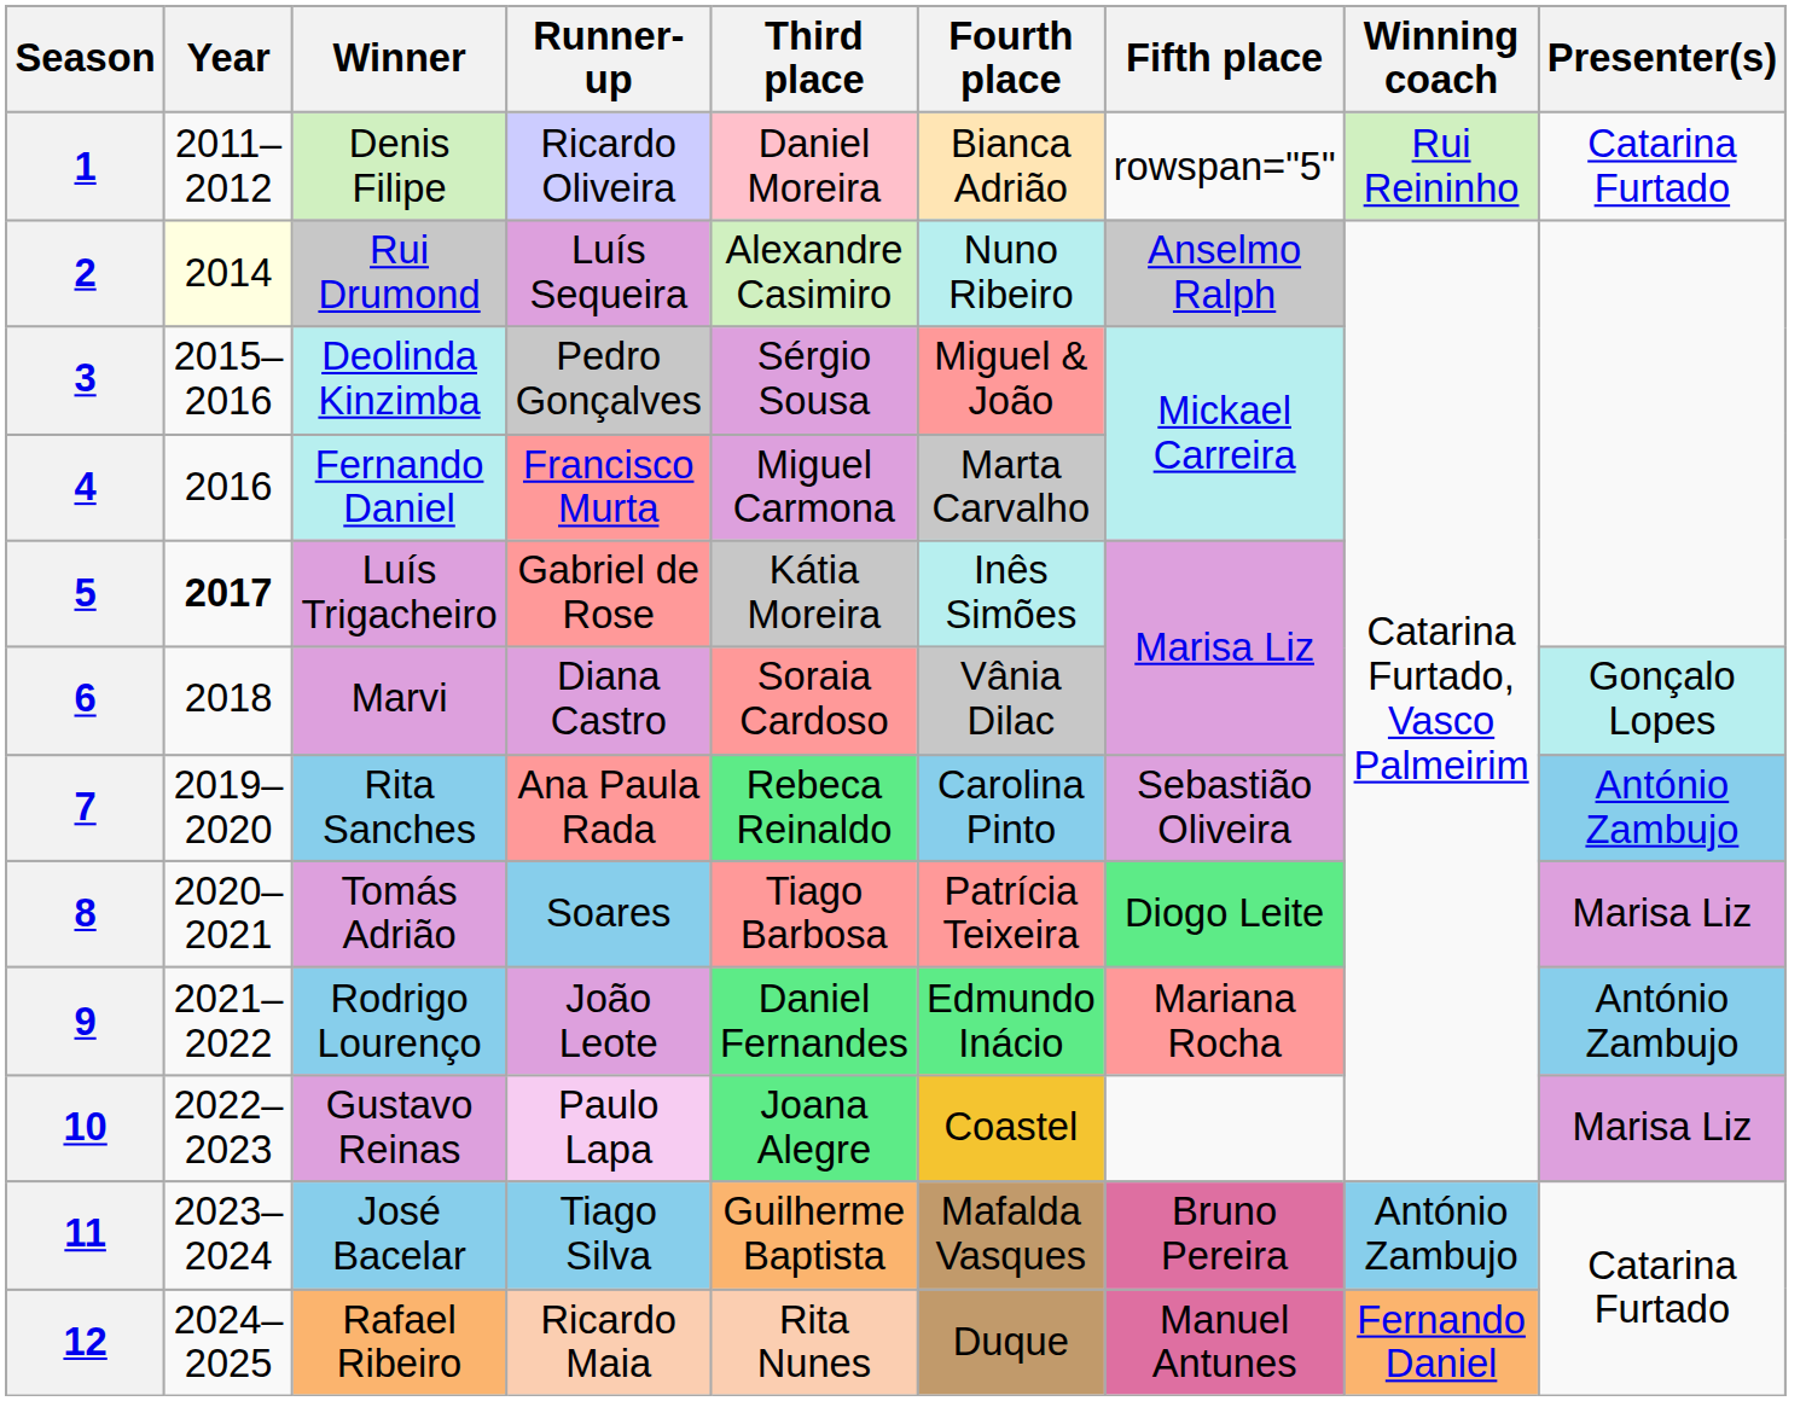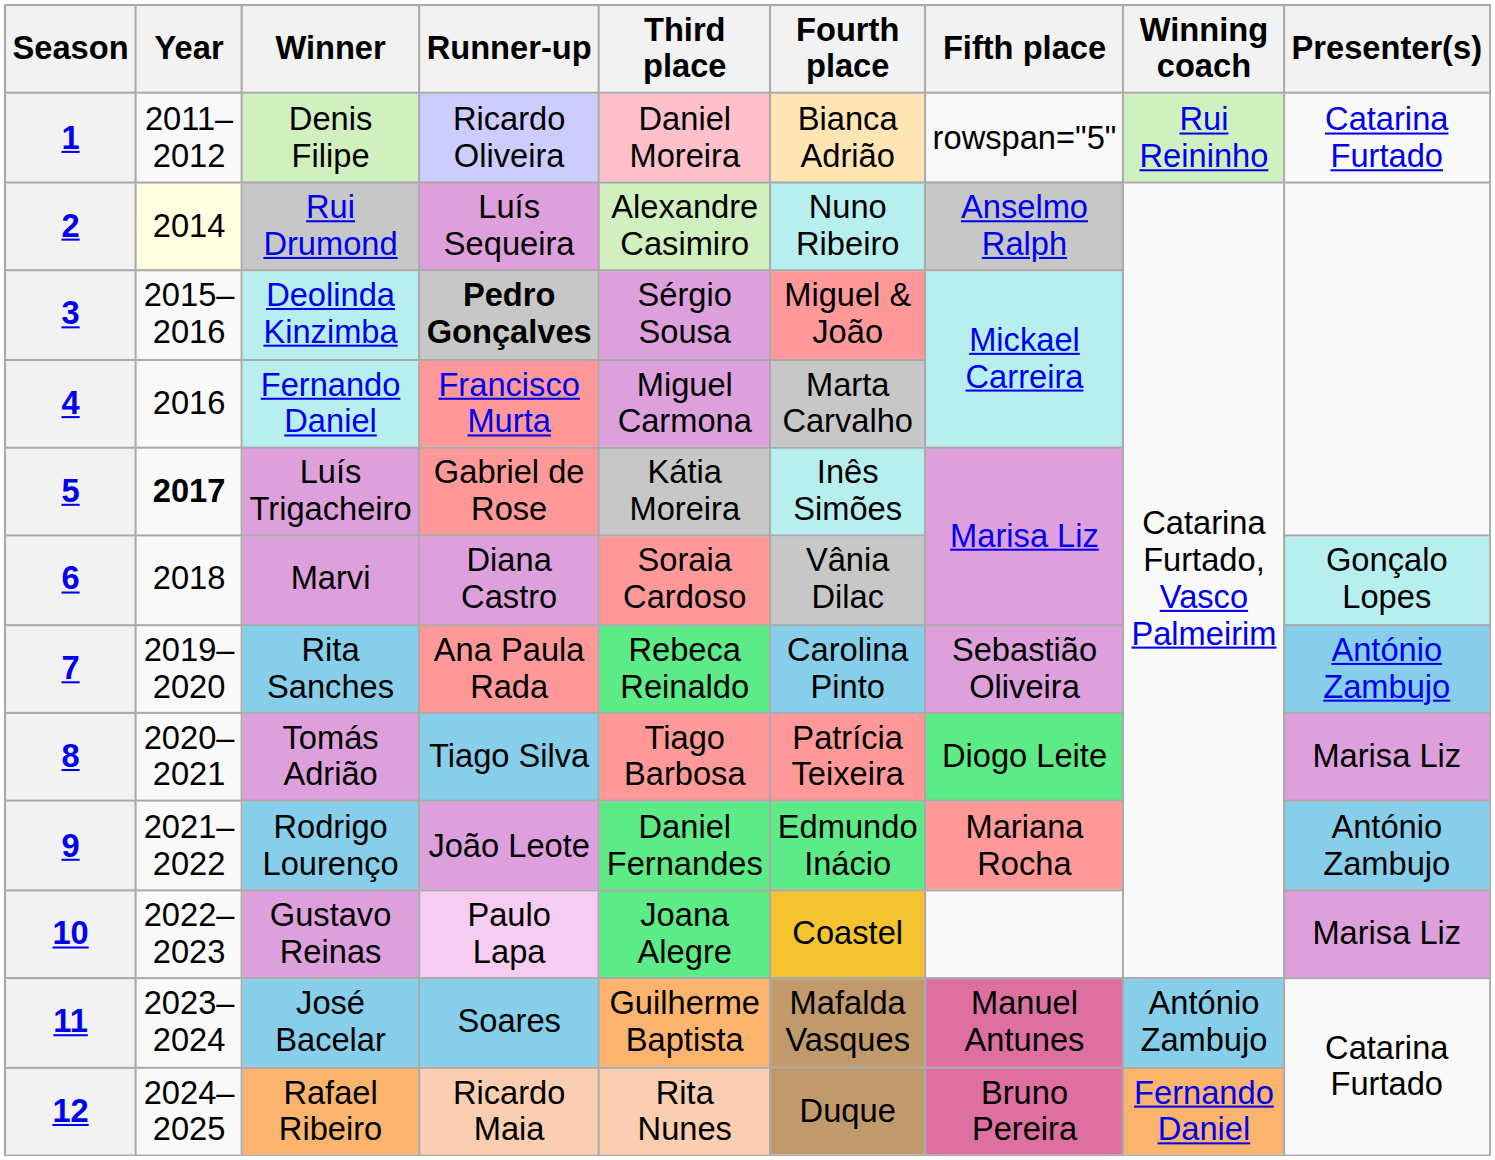 <table class="wikitable" style="text-align:center; font-size:100%; line-height:18px; width:100%">
 <tr>
 <th scope="col" width="01%">Season</th>
 <th scope="col" width="01%">Year</th>
 <th scope="col" width="10%">Winner</th>
 <th scope="col" width="10%">Runner-up</th>
 <th scope="col" width="10%">Third place</th>
 <th scope="col" width="10%">Fourth place</th>
 <th scope="col" width="10%">Fifth place</th>
 <th scope="col" width="10%">Winning coach</th>
 <th scope="col" width="10%">Presenter(s)</th>
 </tr>
 <tr>
 <th><a href='#'>1</a></th>
 <td>2011–2012</td>
 <td style="background:#d0f0c0">Denis Filipe</td>
 <td style="background:#ccccff">Ricardo Oliveira</td>
 <td style="background: Pink">Daniel Moreira</td>
 <td style="background:#ffe5b4">Bianca Adrião</td>
 <td>rowspan="5" </td>
 <td style="background:#d0f0c0"><a href='#'>Rui Reininho</a></td>
 <td><a href='#'>Catarina Furtado</a></td>
 </tr>
 <tr>
 <th><a href='#'>2</a></th>
 <td style="background: lightyellow;">2014</td>
 <td style="background:#c7c7c7"><a href='#'>Rui Drumond</a></td>
 <td style="background:#dda0dd">Luís Sequeira</td>
 <td style="background:#d0f0c0">Alexandre Casimiro</td>
 <td style="background:#b7efef">Nuno Ribeiro</td>
 <td style="background:#c7c7c7"><a href='#'>Anselmo Ralph</a></td>
 <td rowspan="9">Catarina Furtado,<br><a href='#'>Vasco Palmeirim</a></td>
 </tr>
 <tr>
 <th><a href='#'>3</a></th>
 <td>2015–2016</td>
 <td style="background:#b7efef"><a href='#'>Deolinda Kinzimba</a></td>
-<td style="background:#c7c7c7">Pedro Gonçalves</td>
+<td style="background:#c7c7c7"><strong>Pedro Gonçalves</strong></td>
 <td style="background:#dda0dd">Sérgio Sousa</td>
 <td style="background:#ff9999">Miguel & João</td>
 <td rowspan="2" style="background:#b7efef"><a href='#'>Mickael Carreira</a></td>
 </tr>
 <tr>
 <th><a href='#'>4</a></th>
 <td>2016</td>
 <td style="background:#b7efef"><a href='#'>Fernando Daniel</a></td>
 <td style="background:#ff9999"><a href='#'>Francisco Murta</a></td>
 <td style="background:#dda0dd">Miguel Carmona</td>
 <td style="background:#c7c7c7">Marta Carvalho</td>
 </tr>
 <tr>
 <th><a href='#'>5</a></th>
 <td><strong>2017</strong></td>
 <td style="background:#dda0dd">Luís Trigacheiro</td>
 <td style="background:#ff9999">Gabriel de Rose</td>
 <td style="background:#c7c7c7">Kátia Moreira</td>
 <td style="background:#b7efef">Inês Simões</td>
 <td rowspan="2" style="background:#dda0dd"><a href='#'>Marisa Liz</a></td>
 </tr>
 <tr>
 <th><a href='#'>6</a></th>
 <td>2018</td>
 <td style="background:#dda0dd">Marvi</td>
 <td style="background:#dda0dd">Diana Castro</td>
 <td style="background:#ff9999">Soraia Cardoso</td>
 <td style="background:#c7c7c7">Vânia Dilac</td>
 <td style="background:#b7efef">Gonçalo Lopes</td>
 </tr>
 <tr>
 <th><a href='#'>7</a></th>
 <td>2019–2020</td>
 <td style="background:#87ceeb">Rita Sanches</td>
 <td style="background:#ff9999">Ana Paula Rada</td>
 <td style="background:#5deb87">Rebeca Reinaldo</td>
 <td style="background:#87ceeb">Carolina Pinto</td>
 <td style="background:#dda0dd">Sebastião Oliveira</td>
 <td style="background:#87ceeb"><a href='#'>António Zambujo</a></td>
 </tr>
 <tr>
 <th><a href='#'>8</a></th>
 <td>2020–2021</td>
 <td style="background:#dda0dd">Tomás Adrião</td>
-<td style="background:#87ceeb"> Soares</td>
+<td style="background:#87ceeb">Tiago Silva</td>
 <td style="background:#ff9999">Tiago Barbosa</td>
 <td style="background:#ff9999">Patrícia Teixeira</td>
 <td style="background:#5deb87">Diogo Leite</td>
 <td style="background:#dda0dd">Marisa Liz</td>
 </tr>
 <tr>
 <th><a href='#'>9</a></th>
 <td>2021–2022</td>
 <td style="background:#87ceeb">Rodrigo Lourenço</td>
 <td style="background:#dda0dd">João Leote</td>
 <td style="background:#5deb87">Daniel Fernandes</td>
 <td style="background:#5deb87">Edmundo Inácio</td>
 <td style="background:#ff9999">Mariana Rocha</td>
 <td style="background:#87ceeb">António Zambujo</td>
 </tr>
 <tr>
 <th><a href='#'>10</a></th>
 <td>2022–2023</td>
 <td style="background:#dda0dd">Gustavo Reinas</td>
 <td style="background:#f7ccf2">Paulo Lapa</td>
 <td style="background:#5deb87">Joana Alegre</td>
 <td style="background:#F4C430">Coastel</td>
 <td></td>
 <td style="background:#dda0dd">Marisa Liz</td>
 </tr>
 <tr>
 <th><a href='#'>11</a></th>
 <td>2023–2024</td>
 <td style="background:#87ceeb">José Bacelar</td>
-<td style="background:#87ceeb">Tiago Silva</td>
+<td style="background:#87ceeb"> Soares</td>
 <td style="background:#fbb46e">Guilherme Baptista</td>
 <td style="background:#C19A6B">Mafalda Vasques</td>
-<td style="background:#DE6FA1">Bruno Pereira</td>
+<td style="background:#DE6FA1">Manuel Antunes</td>
 <td style="background:#87ceeb">António Zambujo</td>
 <td rowspan="2">Catarina Furtado</td>
 </tr>
 <tr>
 <th><a href='#'>12</a></th>
 <td>2024–2025</td>
 <td style="background:#fbb46e">Rafael Ribeiro</td>
 <td style="background:#fbceb1">Ricardo Maia</td>
 <td style="background:#fbceb1">Rita Nunes</td>
 <td style="background:#C19A6B"> Duque</td>
-<td style="background:#DE6FA1">Manuel Antunes</td>
+<td style="background:#DE6FA1">Bruno Pereira</td>
 <td style="background:#fbb46e"><a href='#'>Fernando Daniel</a></td>
 </tr>
 </table>
